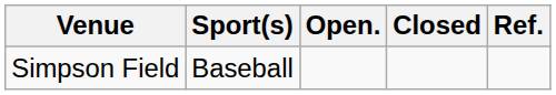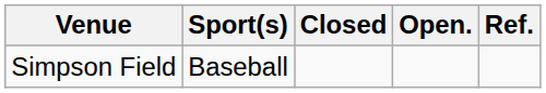 <table class="wikitable"; style= "text-align: ">
 <tr>
 <th width=px>Venue</th>
 <th width=px>Sport(s)</th>
+<th width=px>Closed</th>
 <th width=px>Open.</th>
-<th width=px>Closed</th>
 <th width=px>Ref.</th>
 </tr>
 <tr>
 <td>Simpson Field</td>
 <td>Baseball</td>
 <td></td>
 <td></td>
 <td></td>
 </tr>
 </table>
